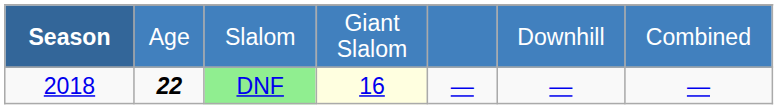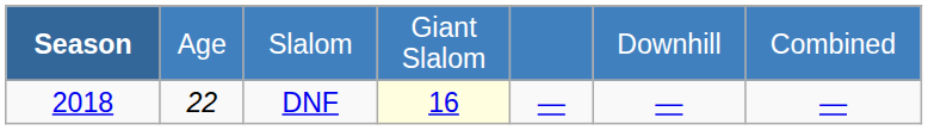 <table class="wikitable"  style="font-size:95%; text-align:center; border:gray solid 1px; width:40%;">
 <tr style="background:#369; color:white;">
 <td rowspan="2" style="width:6%;"><strong>Season</strong></td>
 </tr>
 <tr style="background:#4180be; color:white;">
 <td style="width:3%;">Age</td>
 <td style="width:5%;">Slalom</td>
 <td style="width:5%;">Giant<br>Slalom</td>
 <td style="width:5%;"></td>
 <td style="width:5%;">Downhill</td>
 <td style="width:5%;">Combined</td>
 </tr>
 <tr>
 <td><a href='#'>2018</a></td>
-<td><strong><em>22</em></strong></td>
-<td style="background: lightgreen;"><a href='#'>DNF</a></td>
+<td><em>22</em></td>
+<td><a href='#'>DNF</a></td>
 <td style="background: lightyellow;"><a href='#'>16</a></td>
 <td><a href='#'>—</a></td>
 <td><a href='#'>—</a></td>
 <td><a href='#'>—</a></td>
 </tr>
 </table>
